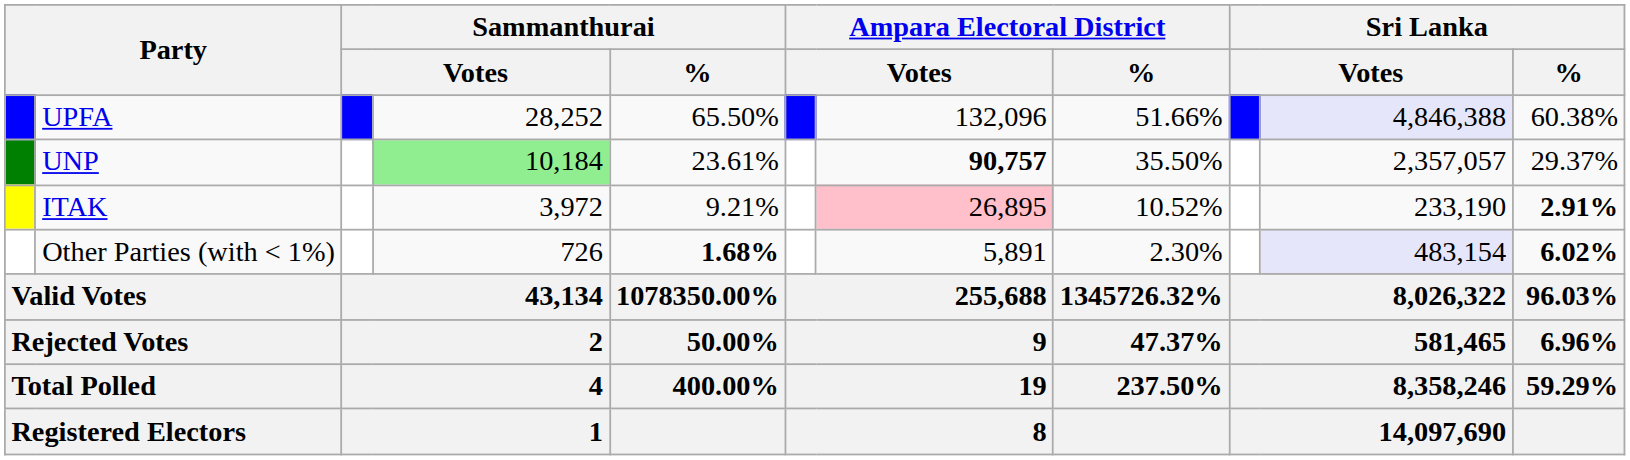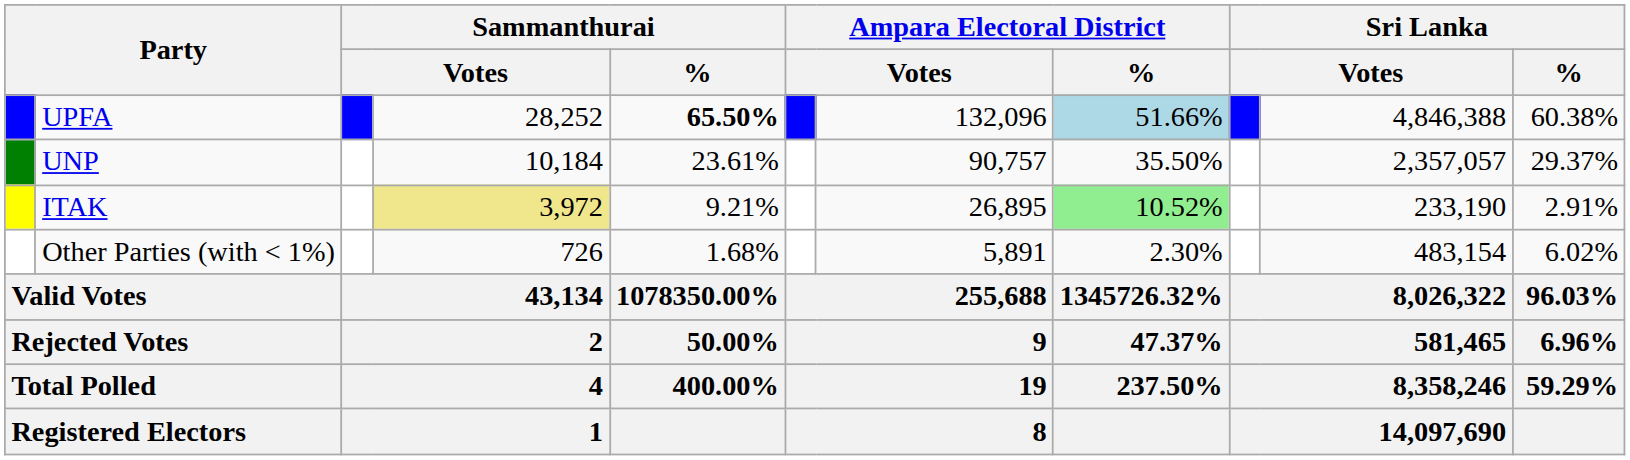 <table class="wikitable">
 <tr>
 <th colspan="2" width="144px"rowspan="2">Party</th>
 <th colspan="3" width="216px">Sammanthurai</th>
 <th colspan="3" width="216px"><a href='#'>Ampara Electoral District</a></th>
 <th colspan="3" width="216px">Sri Lanka</th>
 </tr>
 <tr>
 <th colspan="2" width="144px">Votes</th>
 <th>%</th>
 <th colspan="2" width="144px">Votes</th>
 <th>%</th>
 <th colspan="2" width="144px">Votes</th>
 <th>%</th>
 </tr>
 <tr>
 <td style="background-color:blue;" width="10px"></td>
 <td style="text-align:left;"><a href='#'>UPFA</a></td>
 <td style="background-color:blue;" width="10px"></td>
 <td style="text-align:right;">28,252</td>
-<td style="text-align:right;">65.50%</td>
+<td style="text-align:right;"><strong>65.50%</strong></td>
 <td style="background-color:blue;" width="10px"></td>
 <td style="text-align:right;">132,096</td>
-<td style="text-align:right;">51.66%</td>
+<td style="background: lightblue; text-align:right;">51.66%</td>
 <td style="background-color:blue;" width="10px"></td>
-<td style="background: lavender; text-align:right;">4,846,388</td>
+<td style="text-align:right;">4,846,388</td>
 <td style="text-align:right;">60.38%</td>
 </tr>
 <tr>
 <td style="background-color:green;" width="10px"></td>
 <td style="text-align:left;"><a href='#'>UNP</a></td>
 <td style="background-color:white;" width="10px"></td>
-<td style="background: lightgreen; text-align:right;">10,184</td>
+<td style="text-align:right;">10,184</td>
 <td style="text-align:right;">23.61%</td>
 <td style="background-color:white;" width="10px"></td>
-<td style="text-align:right;"><strong>90,757</strong></td>
+<td style="text-align:right;">90,757</td>
 <td style="text-align:right;">35.50%</td>
 <td style="background-color:white;" width="10px"></td>
 <td style="text-align:right;">2,357,057</td>
 <td style="text-align:right;">29.37%</td>
 </tr>
 <tr>
 <td style="background-color:yellow;" width="10px"></td>
 <td style="text-align:left;"><a href='#'>ITAK</a></td>
 <td style="background-color:white;" width="10px"></td>
-<td style="text-align:right;">3,972</td>
+<td style="background: khaki; text-align:right;">3,972</td>
 <td style="text-align:right;">9.21%</td>
 <td style="background-color:white;" width="10px"></td>
-<td style="background: pink; text-align:right;">26,895</td>
-<td style="text-align:right;">10.52%</td>
+<td style="text-align:right;">26,895</td>
+<td style="background: lightgreen; text-align:right;">10.52%</td>
 <td style="background-color:white;" width="10px"></td>
 <td style="text-align:right;">233,190</td>
-<td style="text-align:right;"><strong>2.91%</strong></td>
+<td style="text-align:right;">2.91%</td>
 </tr>
 <tr>
 <td style="background-color:white;" width="10px"></td>
 <td style="text-align:left;">Other Parties (with < 1%)</td>
 <td style="background-color:white;" width="10px"></td>
 <td style="text-align:right;">726</td>
-<td style="text-align:right;"><strong>1.68%</strong></td>
+<td style="text-align:right;">1.68%</td>
 <td style="background-color:white;" width="10px"></td>
 <td style="text-align:right;">5,891</td>
 <td style="text-align:right;">2.30%</td>
 <td style="background-color:white;" width="10px"></td>
-<td style="background: lavender; text-align:right;">483,154</td>
-<td style="text-align:right;"><strong>6.02%</strong></td>
+<td style="text-align:right;">483,154</td>
+<td style="text-align:right;">6.02%</td>
 </tr>
 <tr>
 <th colspan="2" width="144px"style="text-align:left;">Valid Votes</th>
 <th style="text-align:right;"colspan="2" width="144px">43,134</th>
 <th style="text-align:right;">1078350.00%</th>
 <th style="text-align:right;"colspan="2" width="144px">255,688</th>
 <th style="text-align:right;">1345726.32%</th>
 <th style="text-align:right;"colspan="2" width="144px">8,026,322</th>
 <th style="text-align:right;">96.03%</th>
 </tr>
 <tr>
 <th colspan="2" width="144px"style="text-align:left;">Rejected Votes</th>
 <th style="text-align:right;"colspan="2" width="144px">2</th>
 <th style="text-align:right;">50.00%</th>
 <th style="text-align:right;"colspan="2" width="144px">9</th>
 <th style="text-align:right;">47.37%</th>
 <th style="text-align:right;"colspan="2" width="144px">581,465</th>
 <th style="text-align:right;">6.96%</th>
 </tr>
 <tr>
 <th colspan="2" width="144px"style="text-align:left;">Total Polled</th>
 <th style="text-align:right;"colspan="2" width="144px">4</th>
 <th style="text-align:right;">400.00%</th>
 <th style="text-align:right;"colspan="2" width="144px">19</th>
 <th style="text-align:right;">237.50%</th>
 <th style="text-align:right;"colspan="2" width="144px">8,358,246</th>
 <th style="text-align:right;">59.29%</th>
 </tr>
 <tr>
 <th colspan="2" width="144px"style="text-align:left;">Registered Electors</th>
 <th style="text-align:right;"colspan="2" width="144px">1</th>
 <th></th>
 <th style="text-align:right;"colspan="2" width="144px">8</th>
 <th></th>
 <th style="text-align:right;"colspan="2" width="144px">14,097,690</th>
 <th></th>
 </tr>
 </table>
